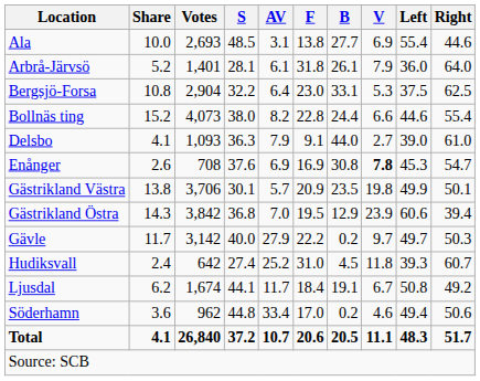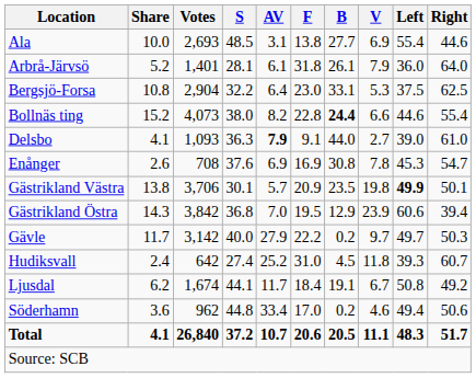 <table class="wikitable sortable" style=text-align:right>
 <tr>
 <th>Location</th>
 <th>Share</th>
 <th>Votes</th>
 <th><a href='#'>S</a></th>
 <th><a href='#'>AV</a></th>
 <th><a href='#'>F</a></th>
 <th><a href='#'>B</a></th>
 <th><a href='#'>V</a></th>
 <th>Left</th>
 <th>Right</th>
 </tr>
 <tr>
 <td align=left><a href='#'>Ala</a></td>
 <td>10.0</td>
 <td>2,693</td>
 <td>48.5</td>
 <td>3.1</td>
 <td>13.8</td>
 <td>27.7</td>
 <td>6.9</td>
 <td>55.4</td>
 <td>44.6</td>
 </tr>
 <tr>
 <td align=left><a href='#'>Arbrå-Järvsö</a></td>
 <td>5.2</td>
 <td>1,401</td>
 <td>28.1</td>
 <td>6.1</td>
 <td>31.8</td>
 <td>26.1</td>
 <td>7.9</td>
 <td>36.0</td>
 <td>64.0</td>
 </tr>
 <tr>
 <td align=left><a href='#'>Bergsjö-Forsa</a></td>
 <td>10.8</td>
 <td>2,904</td>
 <td>32.2</td>
 <td>6.4</td>
 <td>23.0</td>
 <td>33.1</td>
 <td>5.3</td>
 <td>37.5</td>
 <td>62.5</td>
 </tr>
 <tr>
 <td align=left><a href='#'>Bollnäs ting</a></td>
 <td>15.2</td>
 <td>4,073</td>
 <td>38.0</td>
 <td>8.2</td>
 <td>22.8</td>
-<td>24.4</td>
+<td><strong>24.4</strong></td>
 <td>6.6</td>
 <td>44.6</td>
 <td>55.4</td>
 </tr>
 <tr>
 <td align=left><a href='#'>Delsbo</a></td>
 <td>4.1</td>
 <td>1,093</td>
 <td>36.3</td>
-<td>7.9</td>
+<td><strong>7.9</strong></td>
 <td>9.1</td>
 <td>44.0</td>
 <td>2.7</td>
 <td>39.0</td>
 <td>61.0</td>
 </tr>
 <tr>
 <td align=left><a href='#'>Enånger</a></td>
 <td>2.6</td>
 <td>708</td>
 <td>37.6</td>
 <td>6.9</td>
 <td>16.9</td>
 <td>30.8</td>
-<td><strong>7.8</strong></td>
+<td>7.8</td>
 <td>45.3</td>
 <td>54.7</td>
 </tr>
 <tr>
 <td align=left><a href='#'>Gästrikland Västra</a></td>
 <td>13.8</td>
 <td>3,706</td>
 <td>30.1</td>
 <td>5.7</td>
 <td>20.9</td>
 <td>23.5</td>
 <td>19.8</td>
-<td>49.9</td>
+<td><strong>49.9</strong></td>
 <td>50.1</td>
 </tr>
 <tr>
 <td align=left><a href='#'>Gästrikland Östra</a></td>
 <td>14.3</td>
 <td>3,842</td>
 <td>36.8</td>
 <td>7.0</td>
 <td>19.5</td>
 <td>12.9</td>
 <td>23.9</td>
 <td>60.6</td>
 <td>39.4</td>
 </tr>
 <tr>
 <td align=left><a href='#'>Gävle</a></td>
 <td>11.7</td>
 <td>3,142</td>
 <td>40.0</td>
 <td>27.9</td>
 <td>22.2</td>
 <td>0.2</td>
 <td>9.7</td>
 <td>49.7</td>
 <td>50.3</td>
 </tr>
 <tr>
 <td align=left><a href='#'>Hudiksvall</a></td>
 <td>2.4</td>
 <td>642</td>
 <td>27.4</td>
 <td>25.2</td>
 <td>31.0</td>
 <td>4.5</td>
 <td>11.8</td>
 <td>39.3</td>
 <td>60.7</td>
 </tr>
 <tr>
 <td align=left><a href='#'>Ljusdal</a></td>
 <td>6.2</td>
 <td>1,674</td>
 <td>44.1</td>
 <td>11.7</td>
 <td>18.4</td>
 <td>19.1</td>
 <td>6.7</td>
 <td>50.8</td>
 <td>49.2</td>
 </tr>
 <tr>
 <td align=left><a href='#'>Söderhamn</a></td>
 <td>3.6</td>
 <td>962</td>
 <td>44.8</td>
 <td>33.4</td>
 <td>17.0</td>
 <td>0.2</td>
 <td>4.6</td>
 <td>49.4</td>
 <td>50.6</td>
 </tr>
 <tr>
 <td align=left><strong>Total</strong></td>
 <td><strong>4.1</strong></td>
 <td><strong>26,840</strong></td>
 <td><strong>37.2</strong></td>
 <td><strong>10.7</strong></td>
 <td><strong>20.6</strong></td>
 <td><strong>20.5</strong></td>
 <td><strong>11.1</strong></td>
 <td><strong>48.3</strong></td>
 <td><strong>51.7</strong></td>
 </tr>
 <tr>
 <td align=left colspan=10>Source: SCB </td>
 </tr>
 </table>
